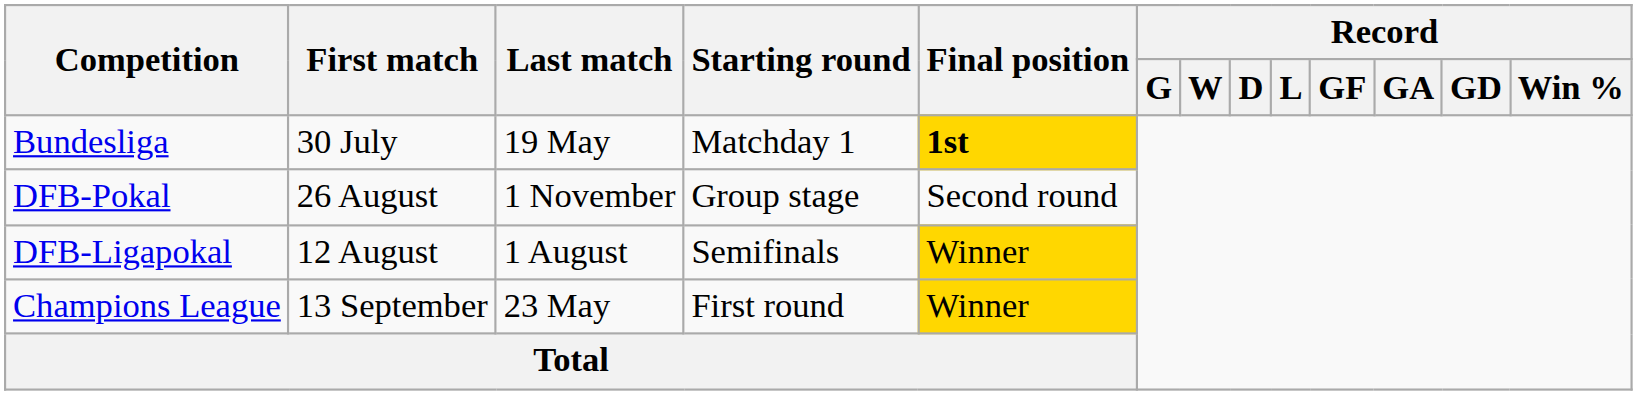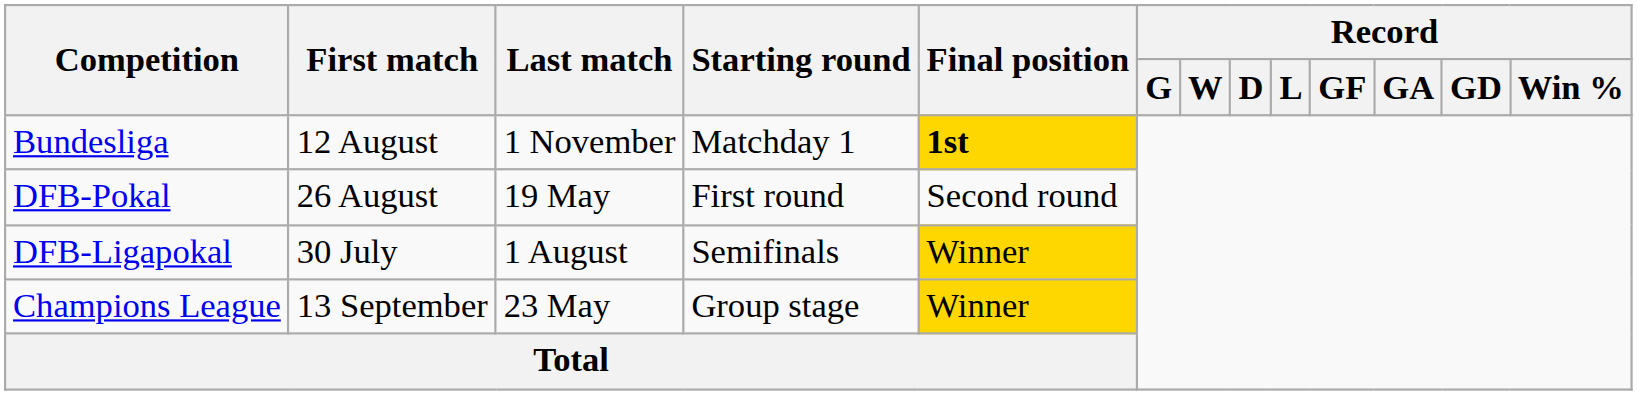 <table class="wikitable" style="text-align: center">
 <tr>
 <th rowspan="2">Competition</th>
 <th rowspan="2">First match</th>
 <th rowspan="2">Last match</th>
 <th rowspan="2">Starting round</th>
 <th rowspan="2">Final position</th>
 <th colspan="8">Record</th>
 </tr>
 <tr>
 <th>G</th>
 <th>W</th>
 <th>D</th>
 <th>L</th>
 <th>GF</th>
 <th>GA</th>
 <th>GD</th>
 <th>Win %</th>
 </tr>
 <tr>
 <td align=left><a href='#'>Bundesliga</a></td>
-<td align=left>30 July</td>
-<td align=left>19 May</td>
+<td align=left>12 August </td>
+<td align=left>1 November</td>
 <td align=left>Matchday 1</td>
 <td align=left bgcolor=ffd700><strong>1st<br></strong></td>
 </tr>
 <tr>
 <td align=left><a href='#'>DFB-Pokal</a></td>
 <td align=left>26 August</td>
-<td align=left>1 November</td>
-<td align=left>Group stage</td>
+<td align=left>19 May</td>
+<td align=left>First round</td>
 <td align=left>Second round<br></td>
 </tr>
 <tr>
 <td align=left><a href='#'>DFB-Ligapokal</a></td>
-<td align=left>12 August </td>
+<td align=left>30 July</td>
 <td align=left>1 August</td>
 <td align=left>Semifinals</td>
 <td align=left bgcolor=ffd700>Winner<br></td>
 </tr>
 <tr>
 <td align=left><a href='#'>Champions League</a></td>
 <td align=left>13 September</td>
 <td align=left>23 May</td>
-<td align=left>First round</td>
+<td align=left>Group stage</td>
 <td align=left bgcolor=ffd700>Winner<br></td>
 </tr>
 <tr>
 <th colspan="5">Total<br></th>
 </tr>
 </table>
